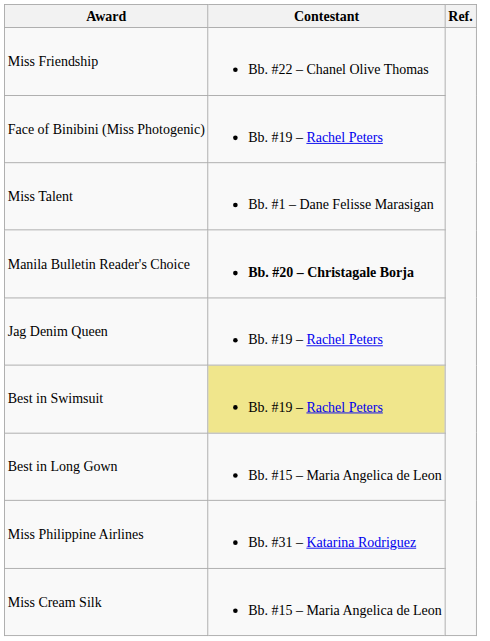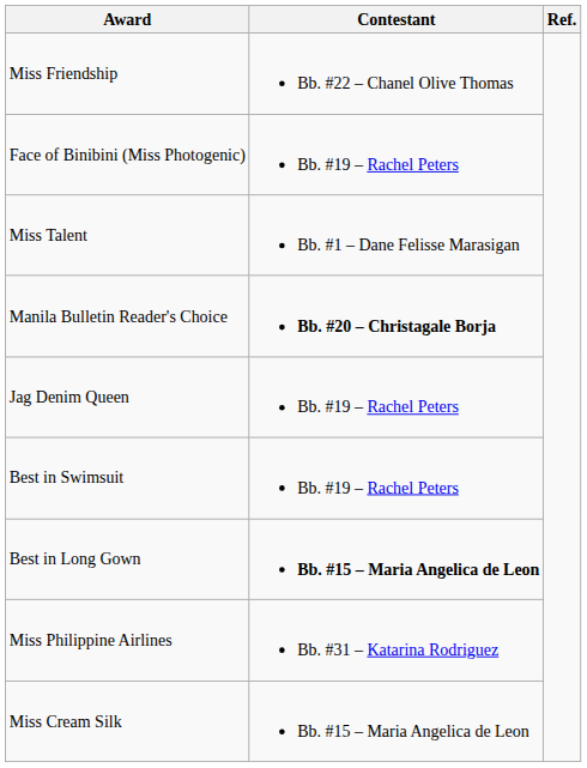 <table class="wikitable sortable" style="font-size: 95%;">
 <tr>
 <th>Award</th>
 <th>Contestant</th>
 <th>Ref.</th>
 </tr>
 <tr>
 <td>Miss Friendship</td>
 <td><br><ul><li>Bb. #22 – Chanel Olive Thomas</li></ul></td>
 <td rowspan="10" align="center"></td>
 </tr>
 <tr>
 <td>Face of Binibini (Miss Photogenic)</td>
 <td><br><ul><li>Bb. #19 – <a href='#'>Rachel Peters</a></li></ul></td>
 </tr>
 <tr>
 <td>Miss Talent</td>
 <td><br><ul><li>Bb. #1 – Dane Felisse Marasigan</li></ul></td>
 </tr>
 <tr>
 <td>Manila Bulletin Reader's Choice</td>
 <td><strong><br><ul><li>Bb. #20 – Christagale Borja</li></ul></strong></td>
 </tr>
 <tr>
 <td>Jag Denim Queen</td>
 <td><br><ul><li>Bb. #19 – <a href='#'>Rachel Peters</a></li></ul></td>
 </tr>
 <tr>
 <td>Best in Swimsuit</td>
-<td style="background: khaki;"><br><ul><li>Bb. #19 – <a href='#'>Rachel Peters</a></li></ul></td>
+<td><br><ul><li>Bb. #19 – <a href='#'>Rachel Peters</a></li></ul></td>
 </tr>
 <tr>
 <td>Best in Long Gown</td>
-<td><br><ul><li>Bb. #15 – Maria Angelica de Leon</li></ul></td>
+<td><strong><br><ul><li>Bb. #15 – Maria Angelica de Leon</li></ul></strong></td>
 </tr>
 <tr>
 <td>Miss Philippine Airlines</td>
 <td><br><ul><li>Bb. #31 – <a href='#'>Katarina Rodriguez</a></li></ul></td>
 </tr>
 <tr>
 <td>Miss Cream Silk</td>
 <td><br><ul><li>Bb. #15 – Maria Angelica de Leon</li></ul></td>
 </tr>
 </table>
